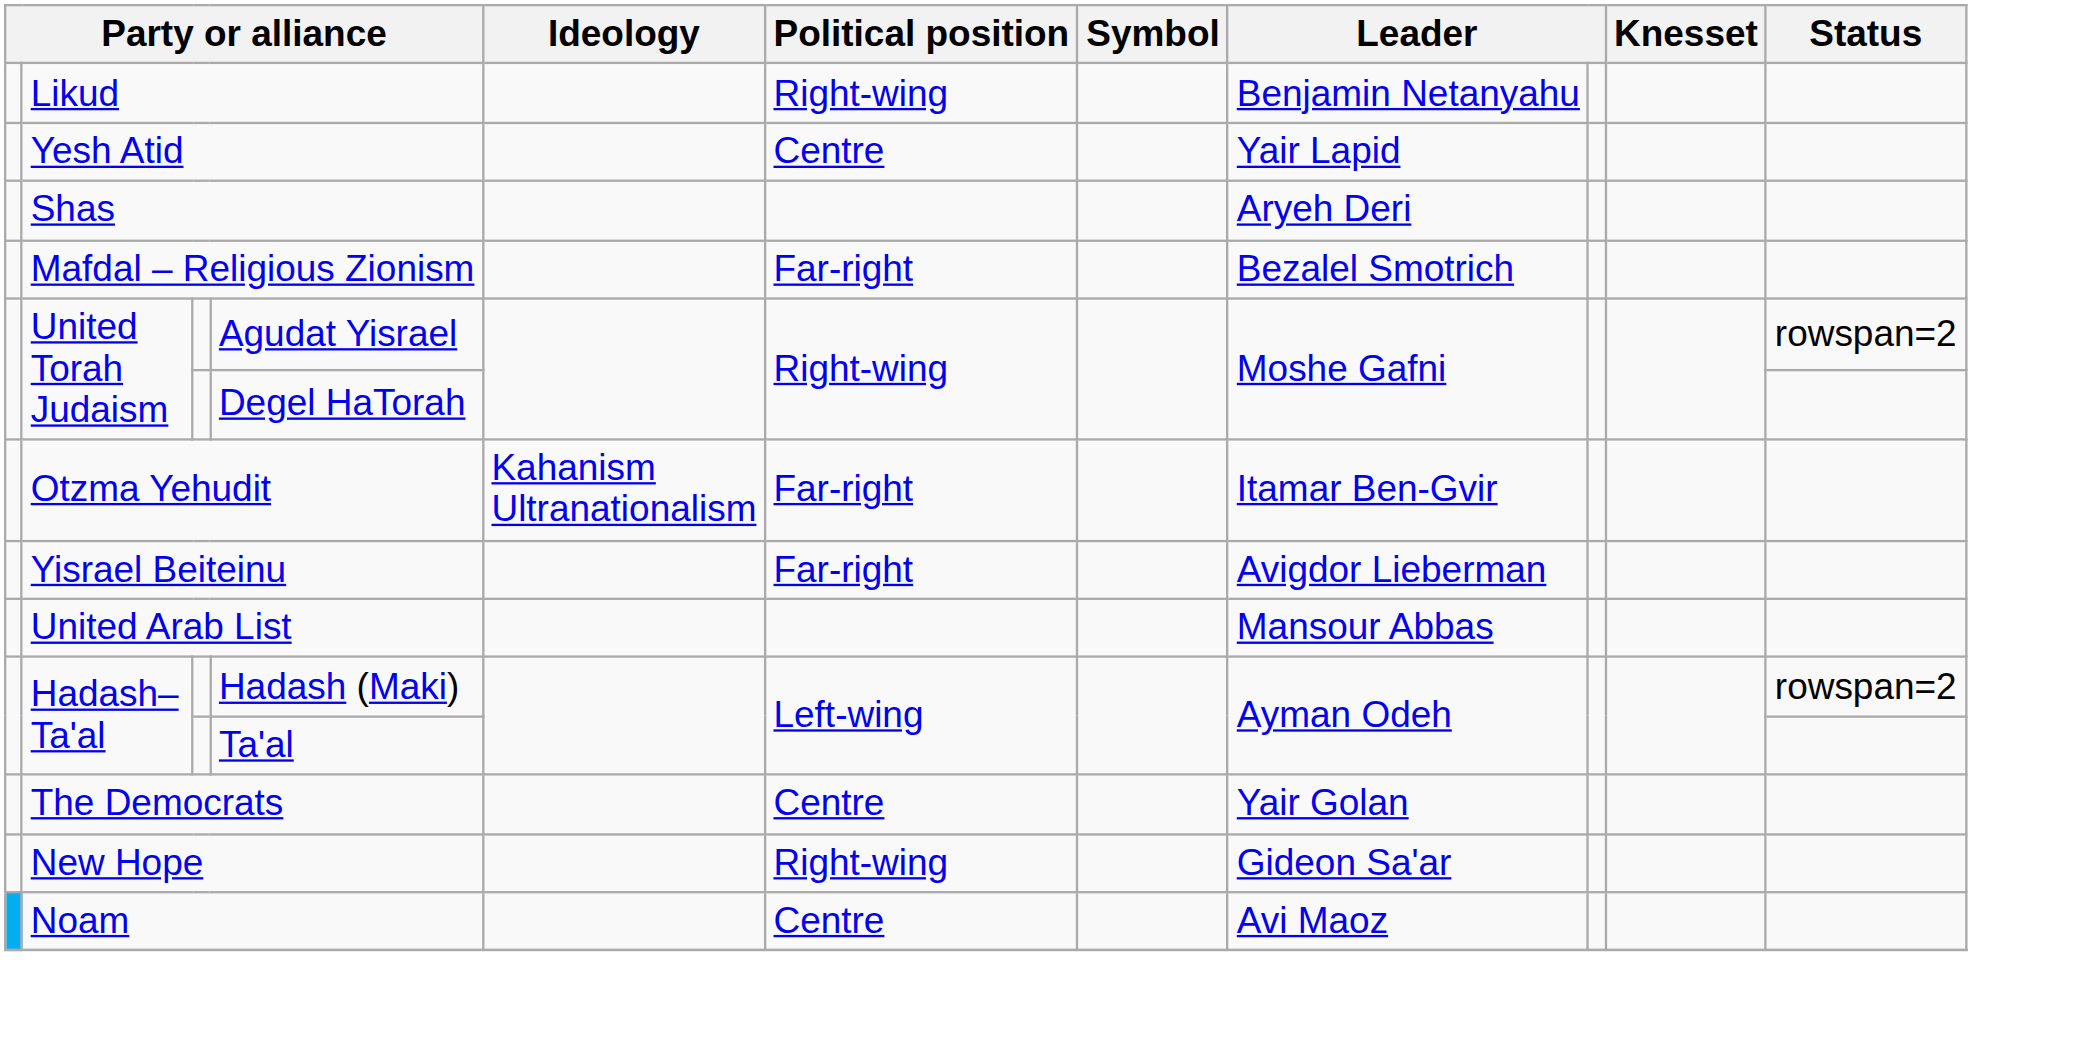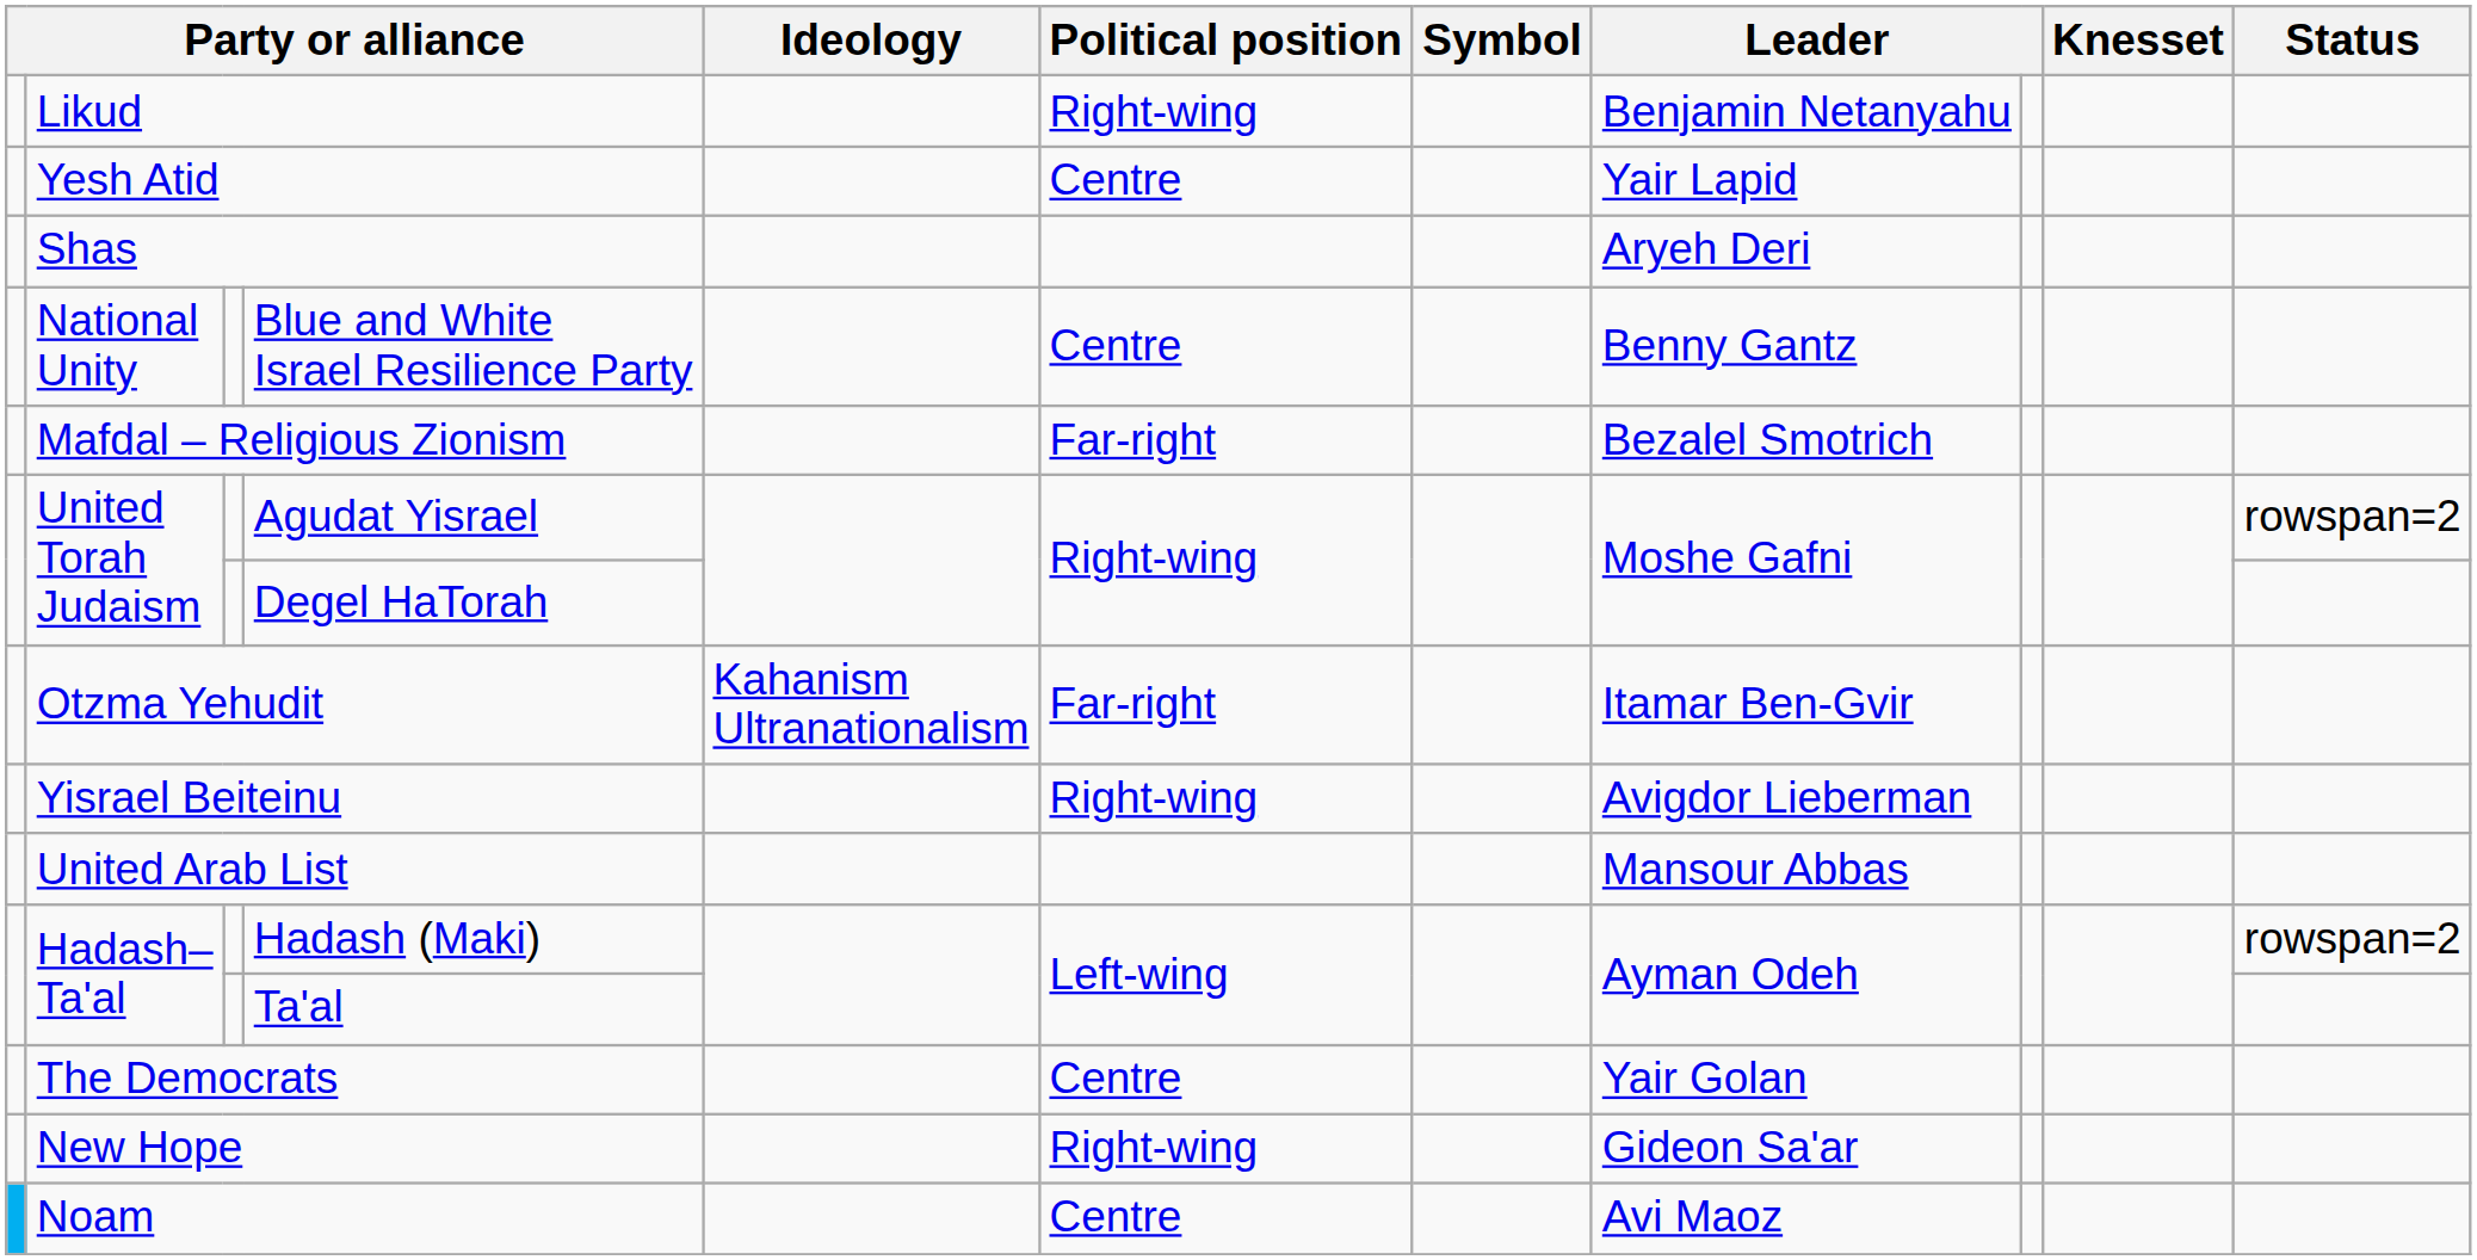 <table class="wikitable">
 <tr>
 <th colspan=4>Party or alliance</th>
 <th>Ideology</th>
 <th>Political position</th>
 <th>Symbol</th>
 <th colspan=2>Leader</th>
 <th>Knesset</th>
 <th>Status</th>
 </tr>
 <tr>
 <td style="background:"></td>
 <td colspan=3><a href='#'>Likud</a></td>
 <td></td>
 <td><a href='#'>Right-wing</a></td>
 <td align="center"><br></td>
 <td><a href='#'>Benjamin Netanyahu</a></td>
 <td></td>
 <td></td>
 <td></td>
 </tr>
 <tr>
 <td style="background:"></td>
 <td colspan=3><a href='#'>Yesh Atid</a></td>
 <td></td>
 <td><a href='#'>Centre</a></td>
 <td style="text-align:center;"><br></td>
 <td><a href='#'>Yair Lapid</a></td>
 <td></td>
 <td></td>
 <td></td>
 </tr>
 <tr>
 <td style="background:"></td>
 <td colspan=3><a href='#'>Shas</a></td>
 <td></td>
 <td></td>
 <td align="center"><br></td>
 <td><a href='#'>Aryeh Deri</a></td>
+<td></td>
+<td></td>
+<td></td>
+</tr>
+<tr>
+<td rowspan="1" style="background:"></td>
+<td><a href='#'>National<br>Unity</a></td>
+<td style="background:"></td>
+<td><a href='#'>Blue and White<br>Israel Resilience Party</a></td>
+<td></td>
+<td><a href='#'>Centre</a></td>
+<td style="text-align:center;"><br></td>
+<td><a href='#'>Benny Gantz</a></td>
 <td></td>
 <td></td>
 <td></td>
 </tr>
 <tr>
 <td style="background:"></td>
 <td colspan=3><a href='#'>Mafdal – Religious Zionism</a></td>
 <td></td>
 <td><a href='#'>Far-right</a></td>
 <td style="text-align:center;"><br></td>
 <td><a href='#'>Bezalel Smotrich</a></td>
 <td></td>
 <td></td>
 <td></td>
 </tr>
 <tr>
 <td rowspan=2 style="background:"></td>
 <td rowspan=2><a href='#'>United<br>Torah<br>Judaism</a></td>
 <td style="background:"></td>
 <td><a href='#'>Agudat Yisrael</a></td>
 <td rowspan=2></td>
 <td rowspan="2"><a href='#'>Right-wing</a></td>
 <td rowspan="2" style="text-align:center;"><br></td>
 <td rowspan=2><a href='#'>Moshe Gafni</a></td>
 <td rowspan=2></td>
 <td rowspan=2></td>
 <td>rowspan=2 </td>
 </tr>
 <tr>
 <td style="background:"></td>
 <td><a href='#'>Degel HaTorah</a></td>
 </tr>
 <tr>
 <td style="background:"></td>
 <td colspan=3><a href='#'>Otzma Yehudit</a></td>
 <td><a href='#'>Kahanism</a> <br><a href='#'>Ultranationalism</a><br></td>
 <td><a href='#'>Far-right</a></td>
 <td></td>
 <td><a href='#'>Itamar Ben-Gvir</a></td>
 <td></td>
 <td></td>
 <td></td>
 </tr>
 <tr>
 <td style="background:"></td>
 <td colspan=3><a href='#'>Yisrael Beiteinu</a></td>
 <td></td>
-<td><a href='#'>Far-right</a></td>
+<td><a href='#'>Right-wing</a></td>
 <td style="text-align:center;"><br></td>
 <td><a href='#'>Avigdor Lieberman</a></td>
 <td></td>
 <td></td>
 <td></td>
 </tr>
 <tr>
 <td style="background:"></td>
 <td colspan=3><a href='#'>United Arab List</a></td>
 <td></td>
 <td></td>
 <td style="text-align:center;"><br></td>
 <td><a href='#'>Mansour Abbas</a></td>
 <td></td>
 <td></td>
 <td></td>
 </tr>
 <tr>
 <td rowspan=2 style="background:"></td>
 <td rowspan=2><a href='#'>Hadash–<br>Ta'al</a></td>
 <td style="background:"></td>
 <td><a href='#'>Hadash</a> (<a href='#'>Maki</a>)</td>
 <td rowspan=2></td>
 <td rowspan="2"><a href='#'>Left-wing</a></td>
 <td rowspan="2" style="text-align:center;"><br></td>
 <td rowspan=2><a href='#'>Ayman Odeh</a></td>
 <td rowspan=2></td>
 <td rowspan=2></td>
 <td>rowspan=2 </td>
 </tr>
 <tr>
 <td style="background:"></td>
 <td><a href='#'>Ta'al</a></td>
 </tr>
 <tr>
 <td style="background:"></td>
 <td colspan=3><a href='#'>The Democrats</a></td>
 <td></td>
 <td><a href='#'>Centre</a></td>
 <td style="text-align:center;"></td>
 <td><a href='#'>Yair Golan</a></td>
 <td></td>
 <td></td>
 <td></td>
 </tr>
 <tr>
 <td style="background:"></td>
 <td colspan=3><a href='#'>New Hope</a></td>
 <td></td>
 <td><a href='#'>Right-wing</a></td>
 <td style="text-align:center;"><br></td>
 <td><a href='#'>Gideon Sa'ar</a></td>
 <td></td>
 <td></td>
 <td></td>
 </tr>
 <tr>
 <td style="background:#01AFF0;"></td>
 <td colspan=3><a href='#'>Noam</a></td>
 <td></td>
 <td><a href='#'>Centre</a></td>
 <td style="text-align:center;"></td>
 <td><a href='#'>Avi Maoz</a></td>
 <td></td>
 <td></td>
 <td></td>
 </tr>
 <tr>
 </tr>
 </table>
